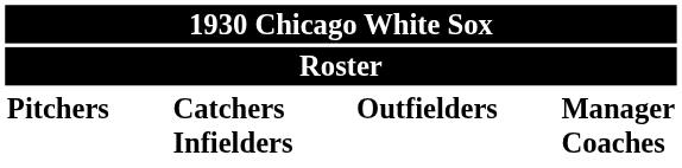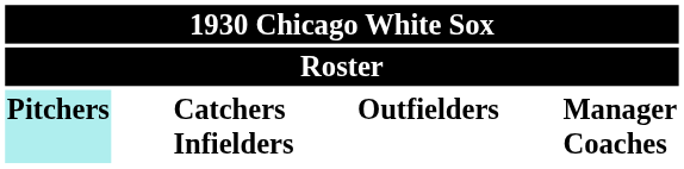 <table class="toccolours" style="font-size: 95%;">
 <tr>
 <th colspan="10" style="background-color: black; color: white; text-align: center;">1930 Chicago White Sox</th>
 </tr>
 <tr>
 <td colspan="10" style="background-color: black; color: white; text-align: center;"><strong>Roster</strong></td>
 </tr>
 <tr>
-<td valign="top"><strong>Pitchers</strong><br>           </td>
+<td valign="top" style="background: paleturquoise;"><strong>Pitchers</strong><br>           </td>
 <td width="25px"></td>
 <td valign="top"><strong>Catchers</strong><br>       <strong>Infielders</strong>             </td>
 <td width="25px"></td>
 <td valign="top"><strong>Outfielders</strong><br>       </td>
 <td width="25px"></td>
 <td valign="top"><strong>Manager</strong><br> <strong>Coaches</strong> </td>
 </tr>
 </table>
